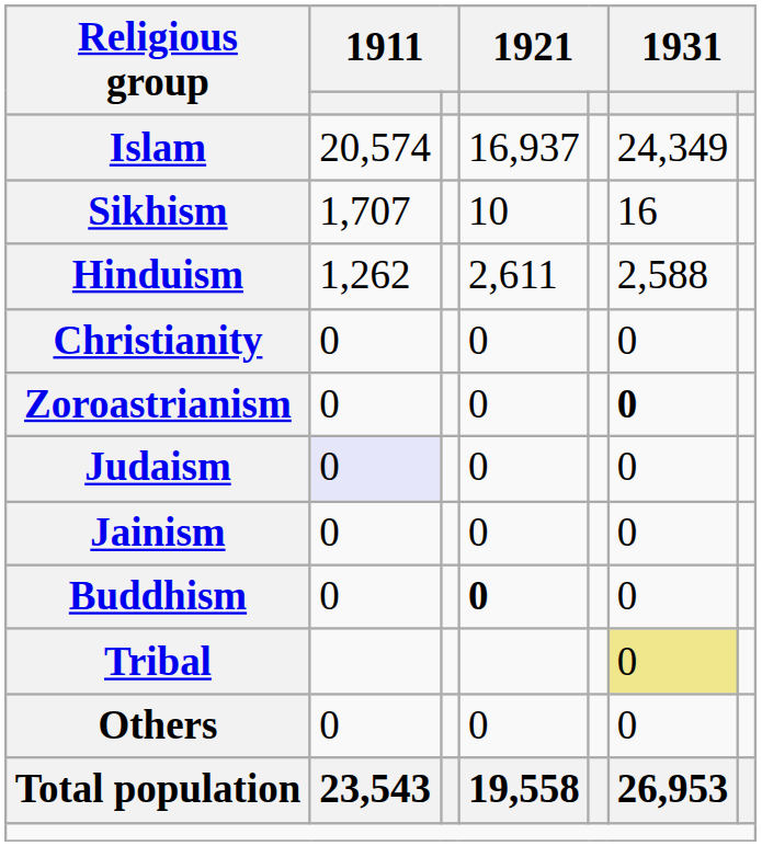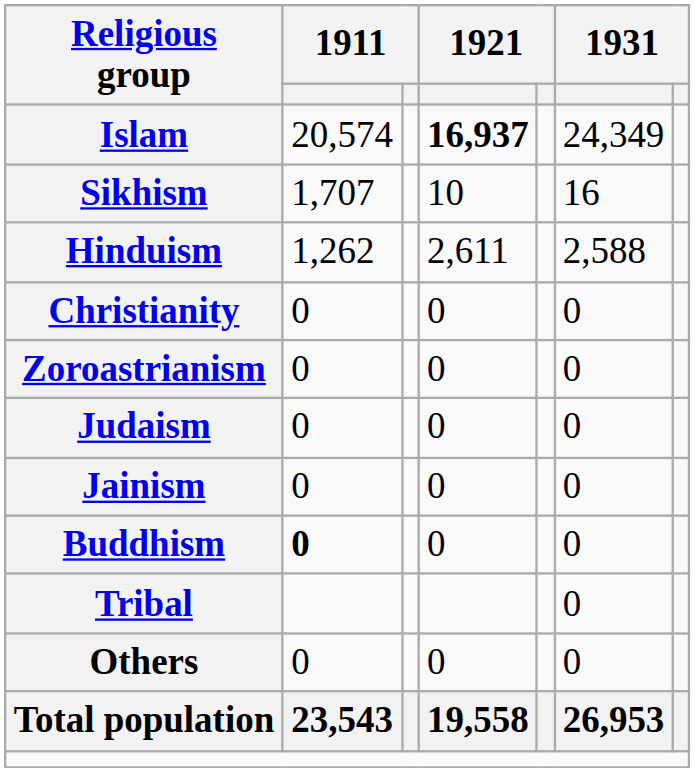 <table class="wikitable sortable">
 <tr>
 <th rowspan="2"><a href='#'>Religious</a><br>group</th>
 <th colspan="2">1911</th>
 <th colspan="2">1921</th>
 <th colspan="2">1931</th>
 </tr>
 <tr>
 <th><a href='#'></a></th>
 <th></th>
 <th></th>
 <th></th>
 <th></th>
 <th></th>
 </tr>
 <tr>
 <th><a href='#'>Islam</a> </th>
 <td>20,574</td>
 <td></td>
-<td>16,937</td>
+<td><strong>16,937</strong></td>
 <td></td>
 <td>24,349</td>
 <td></td>
 </tr>
 <tr>
 <th><a href='#'>Sikhism</a> </th>
 <td>1,707</td>
 <td></td>
 <td>10</td>
 <td></td>
 <td>16</td>
 <td></td>
 </tr>
 <tr>
 <th><a href='#'>Hinduism</a> </th>
 <td>1,262</td>
 <td></td>
 <td>2,611</td>
 <td></td>
 <td>2,588</td>
 <td></td>
 </tr>
 <tr>
 <th><a href='#'>Christianity</a> </th>
 <td>0</td>
 <td></td>
 <td>0</td>
 <td></td>
 <td>0</td>
 <td></td>
 </tr>
 <tr>
 <th><a href='#'>Zoroastrianism</a> </th>
 <td>0</td>
 <td></td>
 <td>0</td>
 <td></td>
-<td><strong>0</strong></td>
+<td>0</td>
 <td></td>
 </tr>
 <tr>
 <th><a href='#'>Judaism</a> </th>
-<td style="background: lavender;">0</td>
+<td>0</td>
 <td></td>
 <td>0</td>
 <td></td>
 <td>0</td>
 <td></td>
 </tr>
 <tr>
 <th><a href='#'>Jainism</a> </th>
 <td>0</td>
 <td></td>
 <td>0</td>
 <td></td>
 <td>0</td>
 <td></td>
 </tr>
 <tr>
 <th><a href='#'>Buddhism</a> </th>
+<td><strong>0</strong></td>
+<td></td>
 <td>0</td>
-<td></td>
-<td><strong>0</strong></td>
 <td></td>
 <td>0</td>
 <td></td>
 </tr>
 <tr>
 <th><a href='#'>Tribal</a></th>
 <td></td>
 <td></td>
 <td></td>
 <td></td>
-<td style="background: khaki;">0</td>
+<td>0</td>
 <td></td>
 </tr>
 <tr>
 <th>Others</th>
 <td>0</td>
 <td></td>
 <td>0</td>
 <td></td>
 <td>0</td>
 <td></td>
 </tr>
 <tr>
 <th>Total population</th>
 <th>23,543</th>
 <th></th>
 <th>19,558</th>
 <th></th>
 <th>26,953</th>
 <th></th>
 </tr>
 <tr class="sortbottom">
 <td colspan="11"></td>
 </tr>
 </table>
